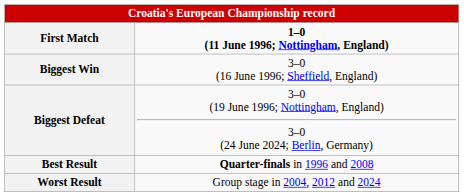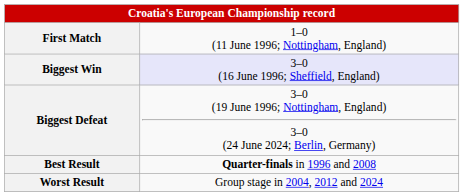 <table class="wikitable collapsible collapsed" style="width:50%; text-align:center">
 <tr>
 <th style="background:#c00;color:white;" colspan="6"><strong>Croatia's European Championship record</strong></th>
 </tr>
 <tr>
 <th>First Match</th>
-<td><strong> 1–0  <br>(11 June 1996; <a href='#'>Nottingham</a>, England)</strong></td>
+<td> 1–0  <br>(11 June 1996; <a href='#'>Nottingham</a>, England)</td>
 </tr>
 <tr>
 <th>Biggest Win</th>
-<td> 3–0  <br>(16 June 1996; <a href='#'>Sheffield</a>, England)</td>
+<td style="background: lavender;"> 3–0  <br>(16 June 1996; <a href='#'>Sheffield</a>, England)</td>
 </tr>
 <tr>
 <th>Biggest Defeat</th>
 <td> 3–0 <br> (19 June 1996; <a href='#'>Nottingham</a>, England) <hr>  3–0 <br> (24 June 2024; <a href='#'>Berlin</a>, Germany)</td>
 </tr>
 <tr>
 <th>Best Result</th>
 <td><strong>Quarter-finals</strong> in <a href='#'>1996</a> and <a href='#'>2008</a></td>
 </tr>
 <tr>
 <th>Worst Result</th>
 <td>Group stage in <a href='#'>2004</a>, <a href='#'>2012</a> and <a href='#'>2024</a></td>
 </tr>
 </table>
